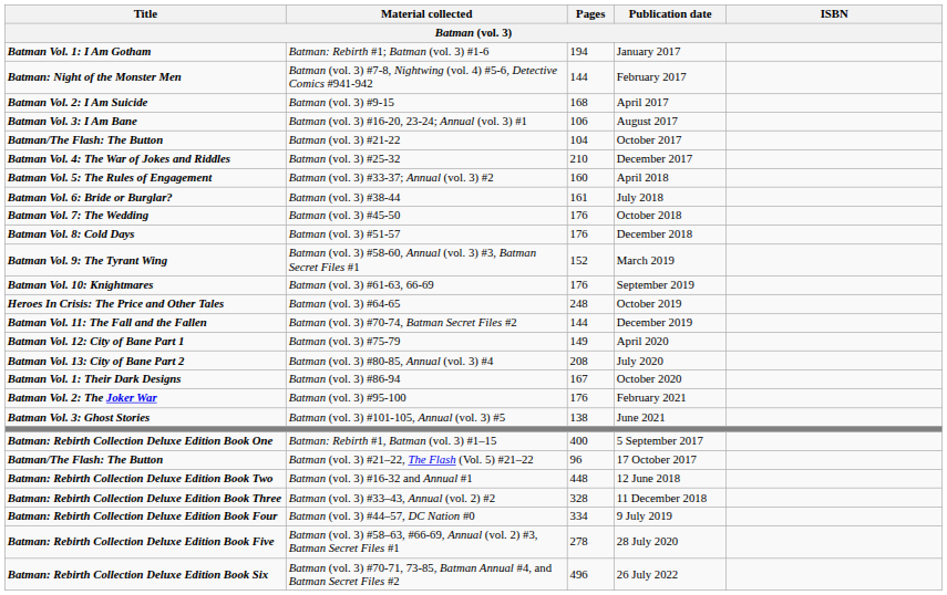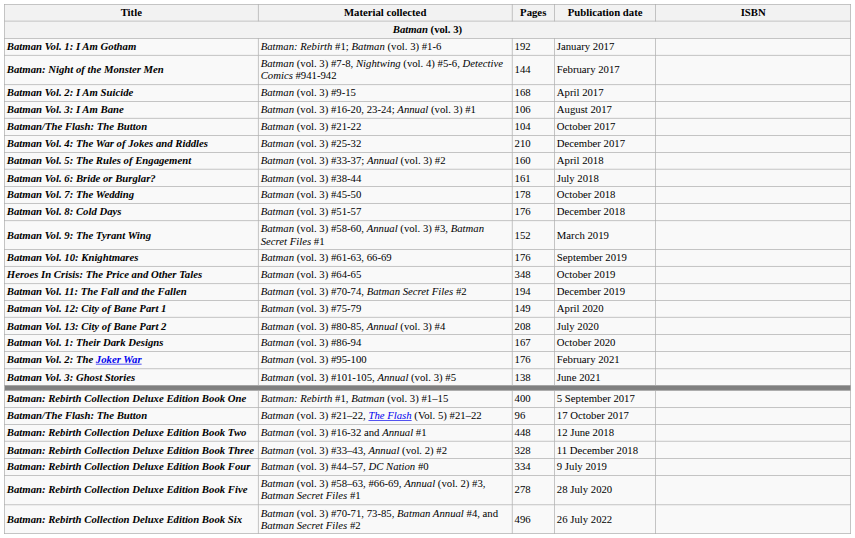 <table class="wikitable" width="100%">
 <tr>
 <th style="width:30%;">Title</th>
 <th style="width:30%;">Material collected</th>
 <th style="width:5%;">Pages</th>
 <th style="width:12%;">Publication date</th>
 <th>ISBN</th>
 </tr>
 <tr>
 <th colspan="5"><em>Batman</em> (vol. 3)</th>
 </tr>
 <tr>
 <td><strong><em>Batman Vol. 1: I Am Gotham</em></strong></td>
 <td><em>Batman: Rebirth</em> #1; <em>Batman</em> (vol. 3) #1-6</td>
-<td>194</td>
+<td>192</td>
 <td>January 2017</td>
 <td></td>
 </tr>
 <tr>
 <td><strong><em>Batman: Night of the Monster Men</em></strong></td>
 <td><em>Batman</em> (vol. 3) #7-8, <em>Nightwing</em> (vol. 4) #5-6, <em>Detective Comics</em> #941-942</td>
 <td>144</td>
 <td>February 2017</td>
 <td></td>
 </tr>
 <tr>
 <td><strong><em>Batman Vol. 2: I Am Suicide</em></strong></td>
 <td><em>Batman</em> (vol. 3) #9-15</td>
 <td>168</td>
 <td>April 2017</td>
 <td></td>
 </tr>
 <tr>
 <td><strong><em>Batman Vol. 3: I Am Bane</em></strong></td>
 <td><em>Batman</em> (vol. 3) #16-20, 23-24; <em>Annual</em> (vol. 3) #1</td>
 <td>106</td>
 <td>August 2017</td>
 <td></td>
 </tr>
 <tr>
 <td><strong><em>Batman/The Flash: The Button</em></strong></td>
 <td><em>Batman</em> (vol. 3) #21-22</td>
 <td>104</td>
 <td>October 2017</td>
 <td></td>
 </tr>
 <tr>
 <td><strong><em>Batman Vol. 4: The War of Jokes and Riddles</em></strong></td>
 <td><em>Batman</em> (vol. 3) #25-32</td>
 <td>210</td>
 <td>December 2017</td>
 <td></td>
 </tr>
 <tr>
 <td><strong><em>Batman Vol. 5: The Rules of Engagement</em></strong></td>
 <td><em>Batman</em> (vol. 3) #33-37; <em>Annual</em> (vol. 3) #2</td>
 <td>160</td>
 <td>April 2018</td>
 <td></td>
 </tr>
 <tr>
 <td><strong><em>Batman Vol. 6: Bride or Burglar?</em></strong></td>
 <td><em>Batman</em> (vol. 3) #38-44</td>
 <td>161</td>
 <td>July 2018</td>
 <td></td>
 </tr>
 <tr>
 <td><strong><em>Batman Vol. 7: The Wedding</em></strong></td>
 <td><em>Batman</em> (vol. 3) #45-50</td>
-<td>176</td>
+<td>178</td>
 <td>October 2018</td>
 <td></td>
 </tr>
 <tr>
 <td><strong><em>Batman Vol. 8: Cold Days</em></strong></td>
 <td><em>Batman</em> (vol. 3) #51-57</td>
 <td>176</td>
 <td>December 2018</td>
 <td></td>
 </tr>
 <tr>
 <td><strong><em>Batman Vol. 9: The Tyrant Wing</em></strong></td>
 <td><em>Batman</em> (vol. 3) #58-60, <em>Annual</em> (vol. 3) #3, <em>Batman Secret Files</em> #1</td>
 <td>152</td>
 <td>March 2019</td>
 <td></td>
 </tr>
 <tr>
 <td><strong><em>Batman Vol. 10: Knightmares</em></strong></td>
 <td><em>Batman</em> (vol. 3) #61-63, 66-69</td>
 <td>176</td>
 <td>September 2019</td>
 <td></td>
 </tr>
 <tr>
 <td><strong><em>Heroes In Crisis: The Price and Other Tales</em></strong></td>
 <td><em>Batman</em> (vol. 3) #64-65</td>
-<td>248</td>
+<td>348</td>
 <td>October 2019</td>
 <td></td>
 </tr>
 <tr>
 <td><strong><em>Batman Vol. 11: The Fall and the Fallen</em></strong></td>
 <td><em>Batman</em> (vol. 3) #70-74, <em>Batman Secret Files</em> #2</td>
-<td>144</td>
+<td>194</td>
 <td>December 2019</td>
 <td></td>
 </tr>
 <tr>
 <td><strong><em>Batman Vol. 12: City of Bane Part 1</em></strong></td>
 <td><em>Batman</em> (vol. 3) #75-79</td>
 <td>149</td>
 <td>April 2020</td>
 <td></td>
 </tr>
 <tr>
 <td><strong><em>Batman Vol. 13: City of Bane Part 2</em></strong></td>
 <td><em>Batman</em> (vol. 3) #80-85, <em>Annual</em> (vol. 3) #4</td>
 <td>208</td>
 <td>July 2020</td>
 <td></td>
 </tr>
 <tr>
 <td><strong><em>Batman Vol. 1: Their Dark Designs</em></strong></td>
 <td><em>Batman</em> (vol. 3) #86-94</td>
 <td>167</td>
 <td>October 2020</td>
 <td></td>
 </tr>
 <tr>
 <td><strong><em>Batman Vol. 2: The <a href='#'>Joker War</a></em></strong></td>
 <td><em>Batman</em> (vol. 3) #95-100</td>
 <td>176</td>
 <td>February 2021</td>
 <td></td>
 </tr>
 <tr>
 <td><strong><em>Batman Vol. 3: Ghost Stories</em></strong></td>
 <td><em>Batman</em> (vol. 3) #101-105, <em>Annual</em> (vol. 3) #5</td>
 <td>138</td>
 <td>June 2021</td>
 <td></td>
 </tr>
 <tr>
 <td colspan="5" style="background-color: grey;"></td>
 </tr>
 <tr>
 <td><strong><em>Batman: Rebirth Collection Deluxe Edition Book One</em></strong></td>
 <td><em>Batman: Rebirth</em> #1, <em>Batman</em> (vol. 3) #1–15</td>
 <td>400</td>
 <td>5 September 2017</td>
 <td></td>
 </tr>
 <tr>
 <td><strong><em>Batman/The Flash: The Button</em></strong></td>
 <td><em>Batman</em> (vol. 3) #21–22, <em><a href='#'>The Flash</a></em> (Vol. 5) #21–22</td>
 <td>96</td>
 <td>17 October 2017</td>
 <td></td>
 </tr>
 <tr>
 <td><strong><em>Batman: Rebirth Collection Deluxe Edition Book Two</em></strong></td>
 <td><em>Batman</em> (vol. 3) #16-32 and <em>Annual</em> #1</td>
 <td>448</td>
 <td>12 June 2018</td>
 <td></td>
 </tr>
 <tr>
 <td><strong><em>Batman: Rebirth Collection Deluxe Edition Book Three</em></strong></td>
 <td><em>Batman</em> (vol. 3) #33–43, <em>Annual</em> (vol. 2) #2</td>
 <td>328</td>
 <td>11 December 2018</td>
 <td></td>
 </tr>
 <tr>
 <td><strong><em>Batman: Rebirth Collection Deluxe Edition Book Four</em></strong></td>
 <td><em>Batman</em> (vol. 3) #44–57, <em>DC Nation</em> #0</td>
 <td>334</td>
 <td>9 July 2019</td>
 <td></td>
 </tr>
 <tr>
 <td><strong><em>Batman: Rebirth Collection Deluxe Edition Book Five</em></strong></td>
 <td><em>Batman</em> (vol. 3) #58–63, #66-69, <em>Annual</em> (vol. 2) #3, <em>Batman Secret Files</em> #1</td>
 <td>278</td>
 <td>28 July 2020</td>
 <td></td>
 </tr>
 <tr>
 <td><strong><em>Batman: Rebirth Collection Deluxe Edition Book Six</em></strong></td>
 <td><em>Batman</em> (vol. 3) #70-71, 73-85, <em>Batman Annual</em> #4, and <em>Batman Secret Files</em> #2</td>
 <td>496</td>
 <td>26 July 2022</td>
 <td></td>
 </tr>
 </table>
